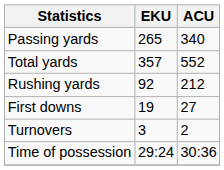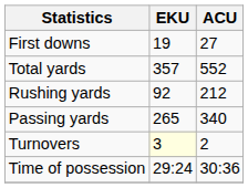 <table class="wikitable" style="float: left;">
 <tr>
 <th>Statistics</th>
 <th>EKU</th>
 <th>ACU</th>
 </tr>
 <tr>
-<td>Passing yards</td>
-<td>265</td>
-<td>340</td>
+<td>First downs</td>
+<td>19</td>
+<td>27</td>
 </tr>
 <tr>
 <td>Total yards</td>
 <td>357</td>
 <td>552</td>
 </tr>
 <tr>
 <td>Rushing yards</td>
 <td>92</td>
 <td>212</td>
 </tr>
 <tr>
-<td>First downs</td>
-<td>19</td>
-<td>27</td>
+<td>Passing yards</td>
+<td>265</td>
+<td>340</td>
 </tr>
 <tr>
 <td>Turnovers</td>
-<td>3</td>
+<td style="background: lightyellow;">3</td>
 <td>2</td>
 </tr>
 <tr>
 <td>Time of possession</td>
 <td>29:24</td>
 <td>30:36</td>
 </tr>
 <tr>
 </tr>
 </table>
